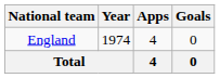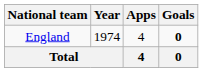 <table class="wikitable" style="text-align:center">
 <tr>
 <th>National team</th>
 <th>Year</th>
 <th>Apps</th>
 <th>Goals</th>
 </tr>
 <tr>
 <td><a href='#'>England</a></td>
 <td>1974</td>
 <td>4</td>
-<td>0</td>
+<td><strong>0</strong></td>
 </tr>
 <tr>
 <th colspan="2">Total</th>
 <th>4</th>
 <th>0</th>
 </tr>
 </table>
